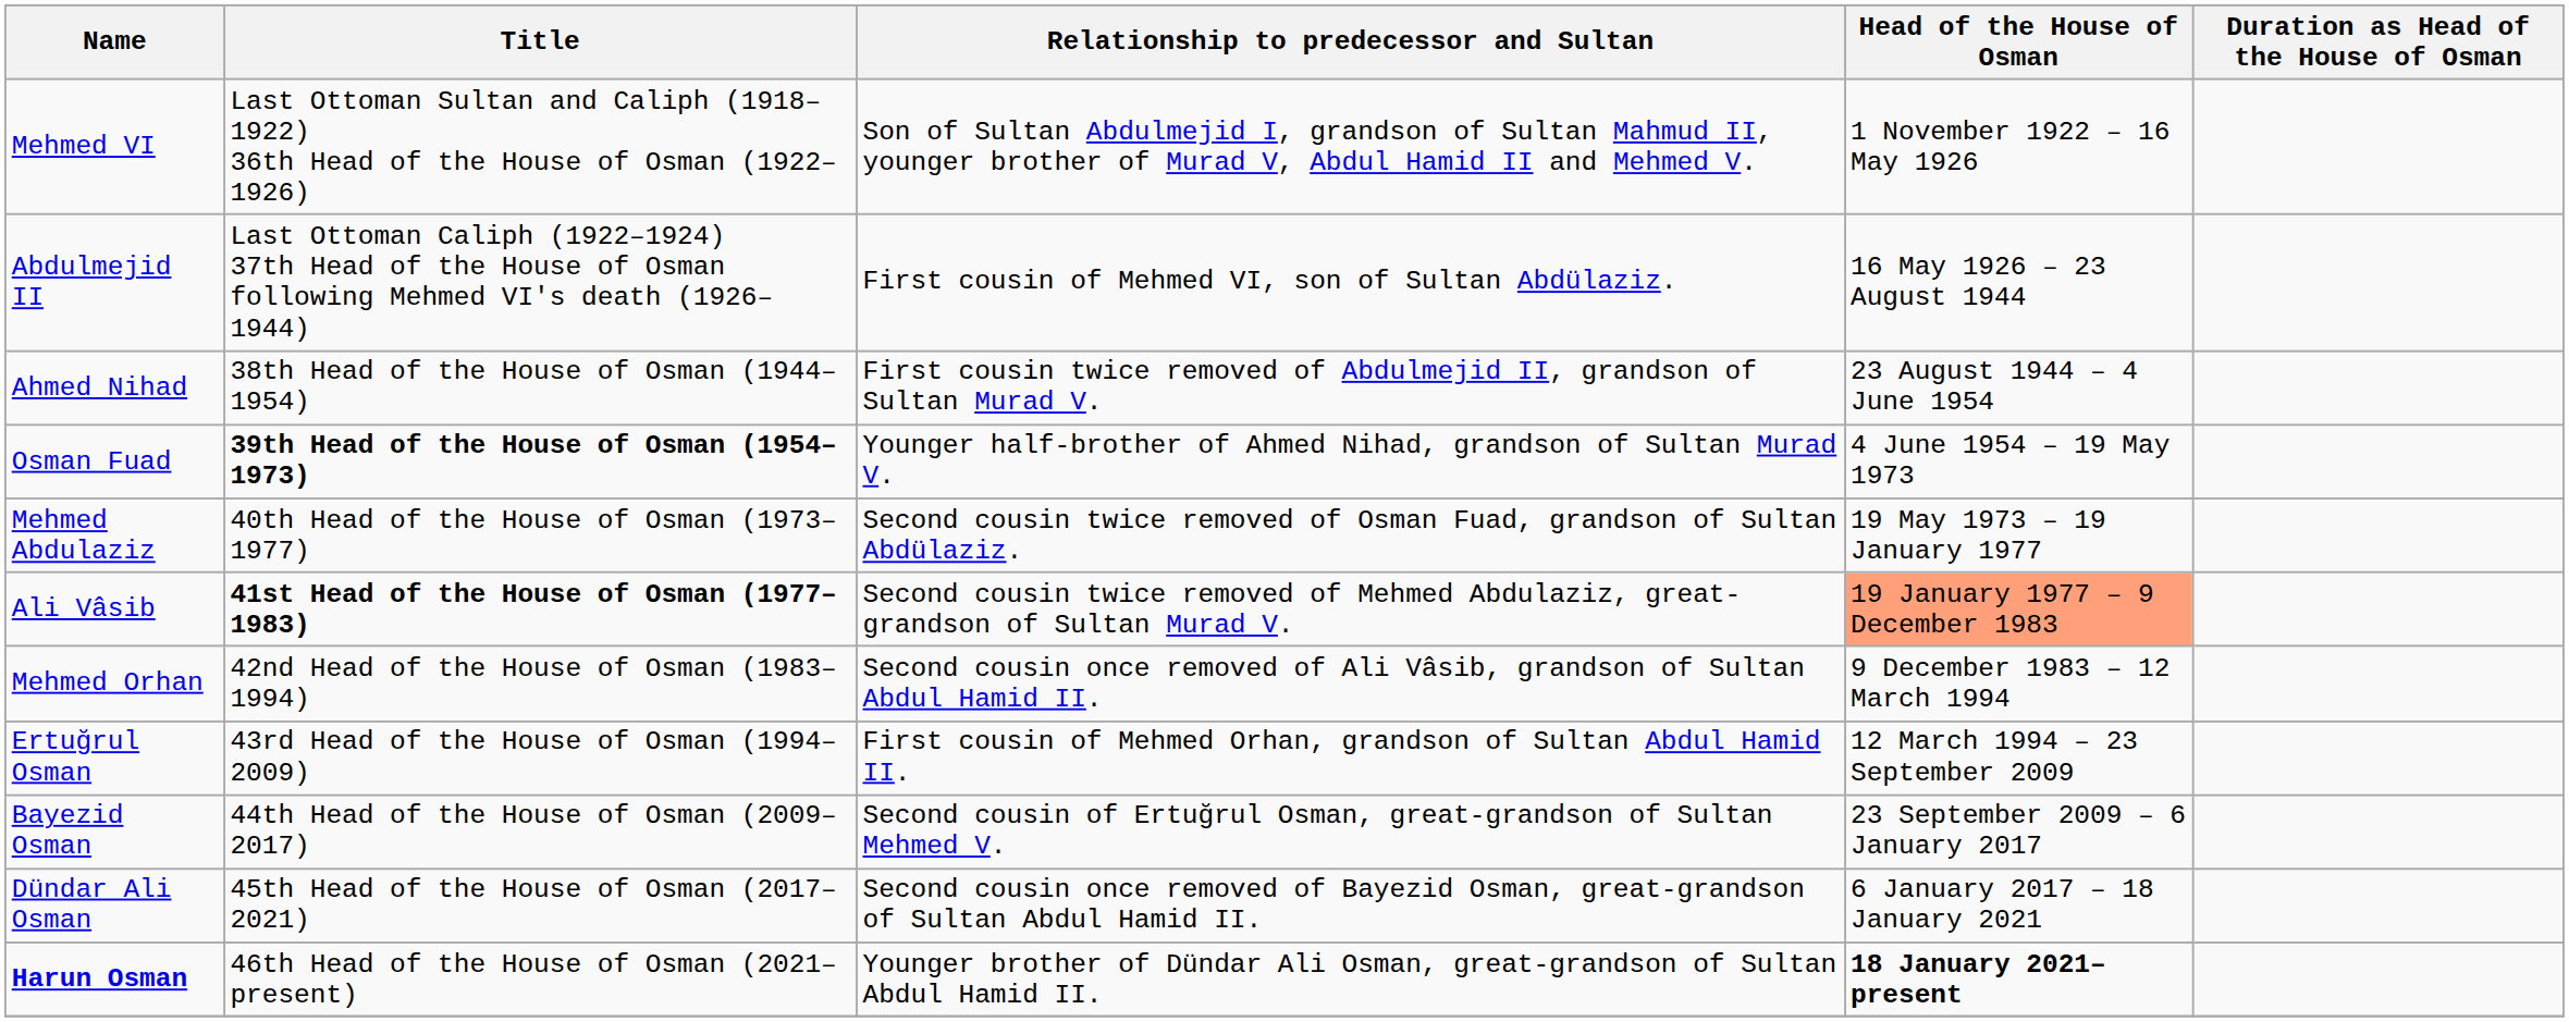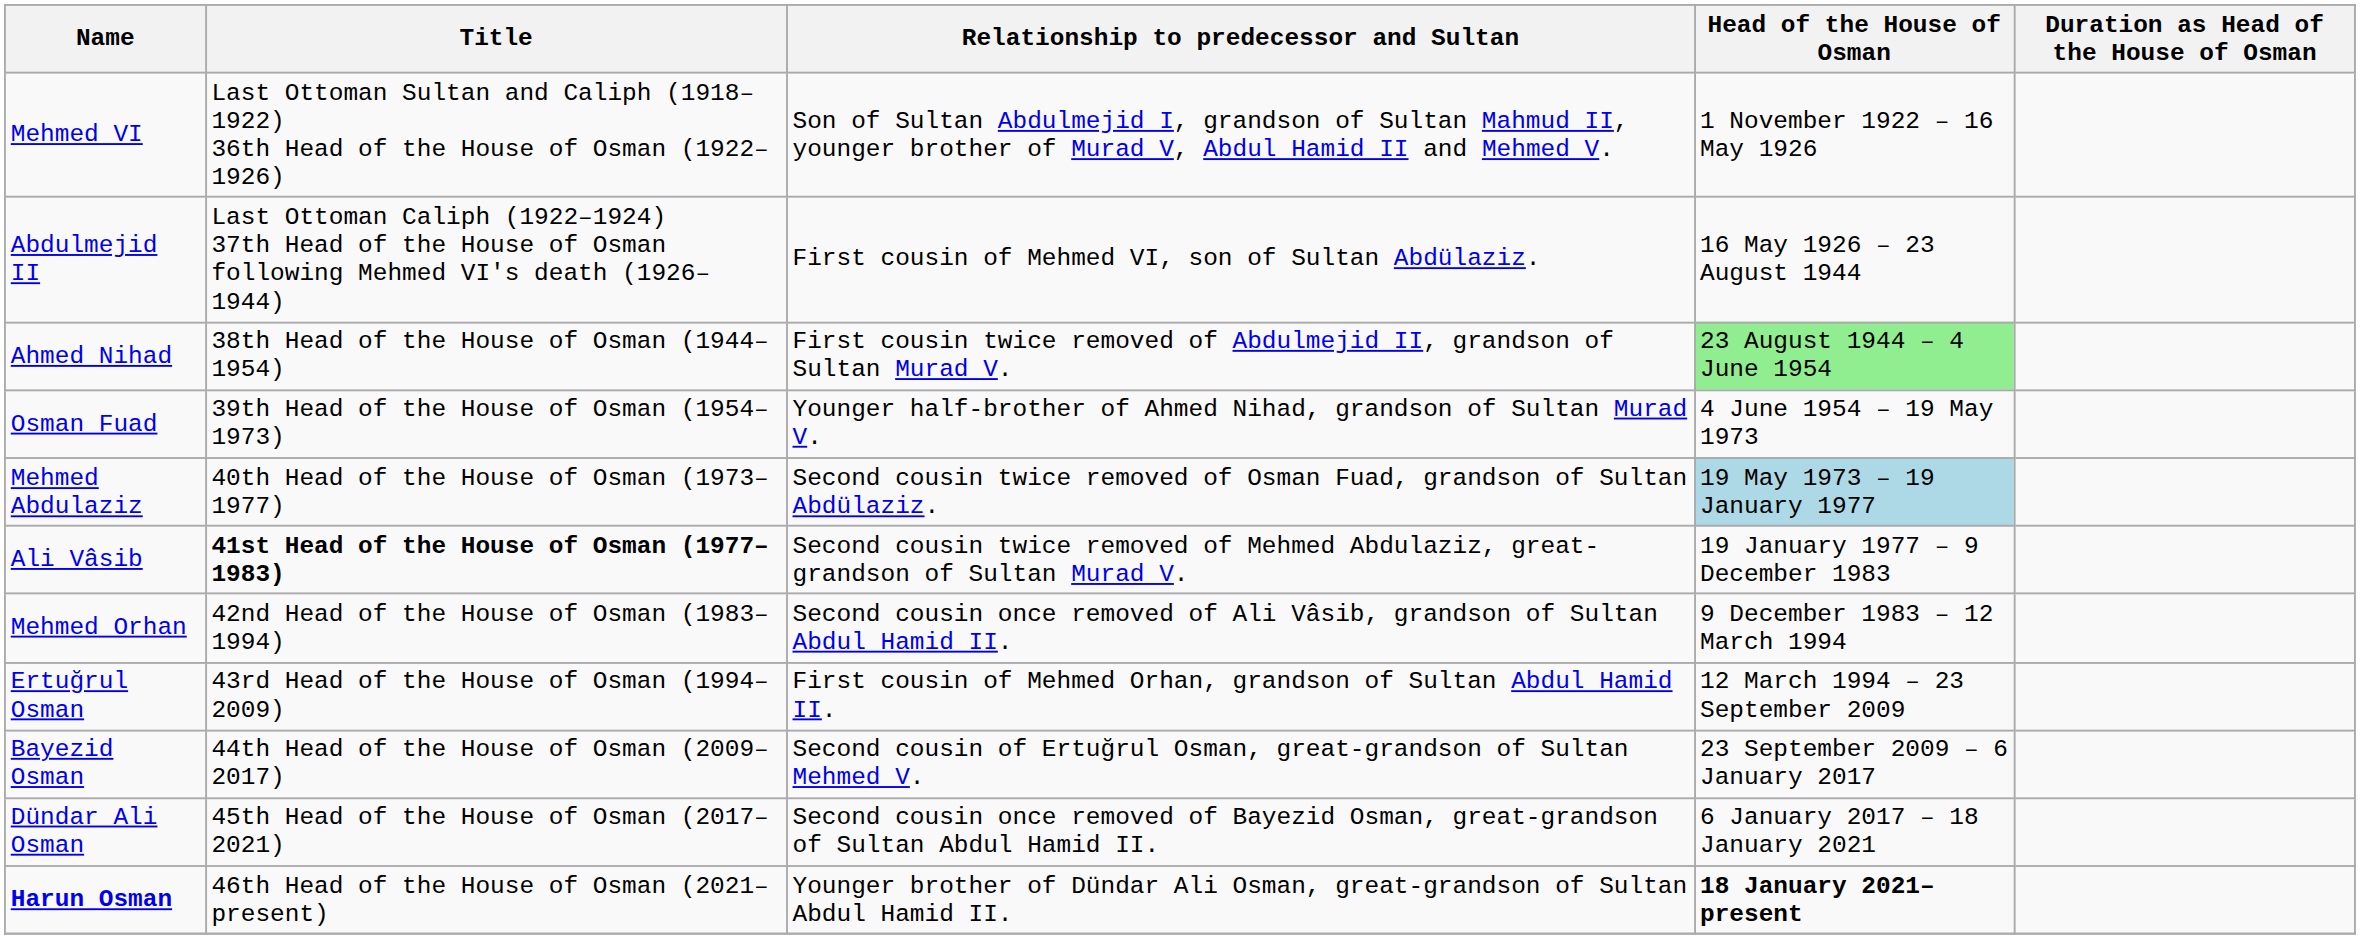 <table class="wikitable">
 <tr>
 <th>Name</th>
 <th>Title</th>
 <th>Relationship to predecessor and Sultan</th>
 <th>Head of the House of Osman</th>
 <th>Duration as Head of the House of Osman</th>
 </tr>
 <tr>
 <td><a href='#'>Mehmed VI</a></td>
 <td>Last Ottoman Sultan and Caliph (1918–1922)<br>36th Head of the House of Osman (1922–1926)</td>
 <td>Son of Sultan <a href='#'>Abdulmejid I</a>, grandson of Sultan <a href='#'>Mahmud II</a>, younger brother of <a href='#'>Murad V</a>, <a href='#'>Abdul Hamid II</a> and <a href='#'>Mehmed V</a>.</td>
 <td>1 November 1922 – 16 May 1926</td>
 <td></td>
 </tr>
 <tr>
 <td><a href='#'>Abdulmejid II</a></td>
 <td>Last Ottoman Caliph (1922–1924)<br>37th Head of the House of Osman following Mehmed VI's death (1926–1944)</td>
 <td>First cousin of Mehmed VI, son of Sultan <a href='#'>Abdülaziz</a>.</td>
 <td>16 May 1926 – 23 August 1944</td>
 <td></td>
 </tr>
 <tr>
 <td><a href='#'>Ahmed Nihad</a></td>
 <td>38th Head of the House of Osman (1944–1954)</td>
 <td>First cousin twice removed of <a href='#'>Abdulmejid II</a>, grandson of Sultan <a href='#'>Murad V</a>.</td>
-<td>23 August 1944 – 4 June 1954</td>
+<td style="background: lightgreen;">23 August 1944 – 4 June 1954</td>
 <td></td>
 </tr>
 <tr>
 <td><a href='#'>Osman Fuad</a></td>
-<td><strong>39th Head of the House of Osman (1954–1973)</strong></td>
+<td>39th Head of the House of Osman (1954–1973)</td>
 <td>Younger half-brother of Ahmed Nihad, grandson of Sultan <a href='#'>Murad V</a>.</td>
 <td>4 June 1954 – 19 May 1973</td>
 <td></td>
 </tr>
 <tr>
 <td><a href='#'>Mehmed Abdulaziz</a></td>
 <td>40th Head of the House of Osman (1973–1977)</td>
 <td>Second cousin twice removed of Osman Fuad, grandson of Sultan <a href='#'>Abdülaziz</a>.</td>
-<td>19 May 1973 – 19 January 1977</td>
+<td style="background: lightblue;">19 May 1973 – 19 January 1977</td>
 <td></td>
 </tr>
 <tr>
 <td><a href='#'>Ali Vâsib</a></td>
 <td><strong>41st Head of the House of Osman (1977–1983)</strong></td>
 <td>Second cousin twice removed of Mehmed Abdulaziz, great-grandson of Sultan <a href='#'>Murad V</a>.</td>
-<td style="background: lightsalmon;">19 January 1977 – 9 December 1983</td>
+<td>19 January 1977 – 9 December 1983</td>
 <td></td>
 </tr>
 <tr>
 <td><a href='#'>Mehmed Orhan</a></td>
 <td>42nd Head of the House of Osman (1983–1994)</td>
 <td>Second cousin once removed of Ali Vâsib, grandson of Sultan <a href='#'>Abdul Hamid II</a>.</td>
 <td>9 December 1983 – 12 March 1994</td>
 <td></td>
 </tr>
 <tr>
 <td><a href='#'>Ertuğrul Osman</a></td>
 <td>43rd Head of the House of Osman (1994–2009)</td>
 <td>First cousin of Mehmed Orhan, grandson of Sultan <a href='#'>Abdul Hamid II</a>.</td>
 <td>12 March 1994 – 23 September 2009</td>
 <td></td>
 </tr>
 <tr>
 <td><a href='#'>Bayezid Osman</a></td>
 <td>44th Head of the House of Osman (2009–2017)</td>
 <td>Second cousin of Ertuğrul Osman, great-grandson of Sultan <a href='#'>Mehmed V</a>.</td>
 <td>23 September 2009 – 6 January 2017</td>
 <td></td>
 </tr>
 <tr>
 <td><a href='#'>Dündar Ali Osman</a></td>
 <td>45th Head of the House of Osman (2017–2021)</td>
 <td>Second cousin once removed of Bayezid Osman, great-grandson of Sultan Abdul Hamid II.</td>
 <td>6 January 2017 – 18 January 2021</td>
 <td></td>
 </tr>
 <tr>
 <td><strong><a href='#'>Harun Osman</a></strong></td>
 <td>46th Head of the House of Osman (2021–present)</td>
 <td>Younger brother of Dündar Ali Osman, great-grandson of Sultan Abdul Hamid II.</td>
 <td><strong>18 January 2021–present</strong></td>
 <td><strong></strong></td>
 </tr>
 <tr>
 </tr>
 </table>
